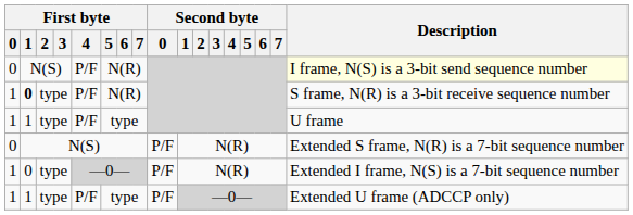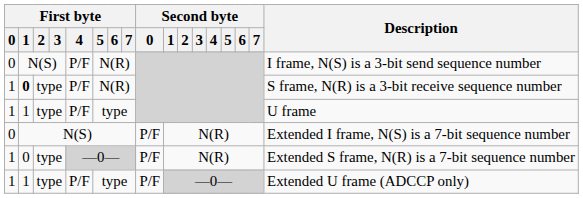 <table class="wikitable" style="text-align:center">
 <tr>
 <th colspan=8>First byte</th>
 <th colspan=8>Second byte</th>
 <th rowspan=2>Description</th>
 </tr>
 <tr>
 <th>0</th>
 <th>1</th>
 <th>2</th>
 <th>3</th>
 <th>4</th>
 <th>5</th>
 <th>6</th>
 <th>7</th>
 <th>0</th>
 <th>1</th>
 <th>2</th>
 <th>3</th>
 <th>4</th>
 <th>5</th>
 <th>6</th>
 <th>7</th>
 </tr>
 <tr>
 <td>0</td>
 <td colspan=3>N(S)</td>
 <td>P/F</td>
 <td colspan=3>N(R)</td>
 <td colspan=8 rowspan=3 bgcolor=lightgrey></td>
-<td align=left style="background: lightyellow;">I frame, N(S) is a 3-bit send sequence number</td>
+<td align=left>I frame, N(S) is a 3-bit send sequence number</td>
 </tr>
 <tr>
 <td>1</td>
 <td><strong>0</strong></td>
 <td colspan=2>type</td>
 <td>P/F</td>
 <td colspan=3>N(R)</td>
 <td align=left>S frame, N(R) is a 3-bit receive sequence number</td>
 </tr>
 <tr>
 <td>1</td>
 <td>1</td>
 <td colspan=2>type</td>
 <td>P/F</td>
 <td colspan=3>type</td>
 <td align=left>U frame</td>
 </tr>
 <tr>
 <td>0</td>
 <td colspan=7>N(S)</td>
 <td>P/F</td>
 <td colspan=7>N(R)</td>
-<td align=left>Extended S frame, N(R) is a 7-bit sequence number</td>
+<td align=left>Extended I frame, N(S) is a 7-bit sequence number</td>
 </tr>
 <tr>
 <td>1</td>
 <td>0</td>
 <td colspan=2>type</td>
 <td colspan=4 bgcolor=lightgrey>—0—</td>
 <td>P/F</td>
 <td colspan=7>N(R)</td>
-<td align=left>Extended I frame, N(S) is a 7-bit sequence number</td>
+<td align=left>Extended S frame, N(R) is a 7-bit sequence number</td>
 </tr>
 <tr>
 <td>1</td>
 <td>1</td>
 <td colspan=2>type</td>
 <td>P/F</td>
 <td colspan=3>type</td>
 <td>P/F</td>
 <td colspan=7 bgcolor=lightgrey>—0—</td>
 <td align=left>Extended U frame (ADCCP only)</td>
 </tr>
 </table>
